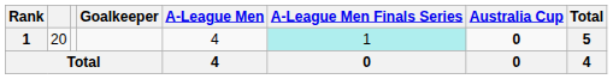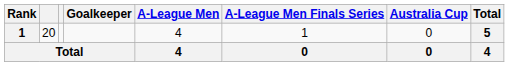 <table class="wikitable" style="text-align:center">
 <tr>
 <th>Rank</th>
 <th></th>
 <th></th>
 <th>Goalkeeper</th>
 <th><a href='#'>A-League Men</a></th>
 <th><a href='#'>A-League Men Finals Series</a></th>
 <th><a href='#'>Australia Cup</a></th>
 <th>Total</th>
 </tr>
 <tr>
 <th>1</th>
 <td>20</td>
 <td></td>
 <td align="left"></td>
 <td>4</td>
-<td style="background: paleturquoise;">1</td>
-<td><strong>0</strong></td>
+<td>1</td>
+<td>0</td>
 <th>5</th>
 </tr>
 <tr>
 <th colspan="4">Total</th>
 <th>4</th>
 <th>0</th>
 <th>0</th>
 <th>4</th>
 </tr>
 </table>
